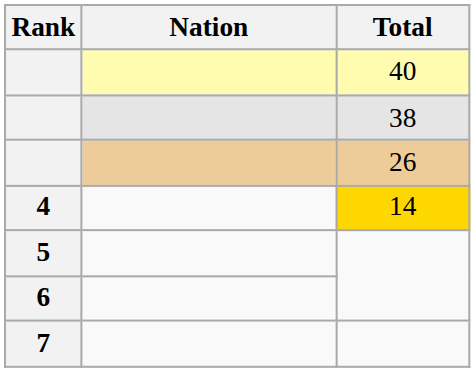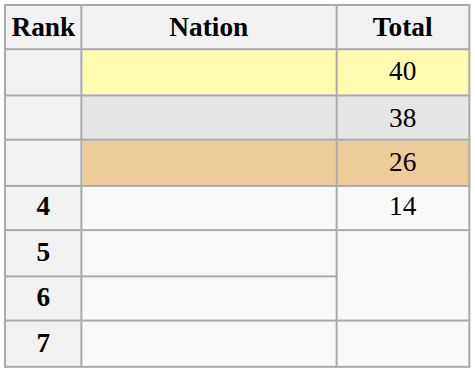 <table class="wikitable sortable" style="text-align:center; font-size:85%">
 <tr>
 <th scope="col" style="width:25px;">Rank</th>
 <th ! scope="col" style="width:120px;">Nation</th>
 <th ! scope="col" style="width:60px;">Total</th>
 </tr>
 <tr bgcolor=fffcaf>
 <th scope=row></th>
 <td align=left></td>
 <td>40</td>
 </tr>
 <tr bgcolor=e5e5e5>
 <th scope=row></th>
 <td align=left></td>
 <td>38</td>
 </tr>
 <tr bgcolor=eecc99>
 <th scope=row></th>
 <td align=left></td>
 <td>26</td>
 </tr>
 <tr>
 <th scope=row>4</th>
 <td align=left></td>
-<td style="background: gold;">14</td>
+<td>14</td>
 </tr>
 <tr>
 <th scope=row>5</th>
 <td align=left></td>
 <td rowspan=2></td>
 </tr>
 <tr>
 <th scope=row>6</th>
 <td align=left></td>
 </tr>
 <tr>
 <th scope=row>7</th>
 <td align=left></td>
 <td></td>
 </tr>
 </table>
